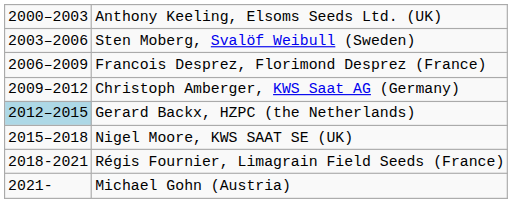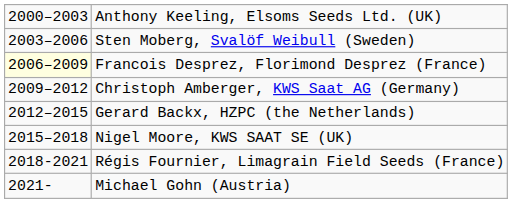 <table class="wikitable">
 <tr>
 <td>2000–2003</td>
 <td>Anthony Keeling, Elsoms Seeds Ltd. (UK)</td>
 </tr>
 <tr>
 <td>2003–2006</td>
 <td>Sten Moberg, <a href='#'>Svalöf Weibull</a> (Sweden)</td>
 </tr>
 <tr>
-<td>2006–2009</td>
+<td style="background: lightyellow;">2006–2009</td>
 <td>Francois Desprez, Florimond Desprez (France)</td>
 </tr>
 <tr>
 <td>2009–2012</td>
 <td>Christoph Amberger, <a href='#'>KWS Saat AG</a> (Germany)</td>
 </tr>
 <tr>
-<td style="background: lightblue;">2012–2015</td>
+<td>2012–2015</td>
 <td>Gerard Backx, HZPC (the Netherlands)</td>
 </tr>
 <tr>
 <td>2015–2018</td>
 <td>Nigel Moore, KWS SAAT SE (UK)</td>
 </tr>
 <tr>
 <td>2018-2021</td>
 <td>Régis Fournier, Limagrain Field Seeds (France)</td>
 </tr>
 <tr>
 <td>2021-</td>
 <td>Michael Gohn (Austria)</td>
 </tr>
 </table>
